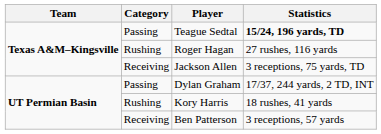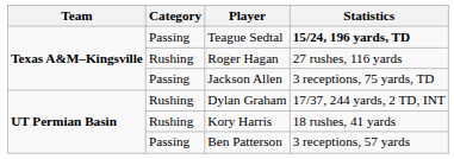 <table class="wikitable" style="float: right;">
 <tr>
 <th>Team</th>
 <th>Category</th>
 <th>Player</th>
 <th>Statistics</th>
 </tr>
 <tr>
 <td rowspan=3><strong>Texas A&M–Kingsville</strong></td>
 <td>Passing</td>
 <td>Teague Sedtal</td>
 <td><strong>15/24, 196 yards, TD</strong></td>
 </tr>
 <tr>
 <td>Rushing</td>
 <td>Roger Hagan</td>
 <td>27 rushes, 116 yards</td>
 </tr>
 <tr>
-<td>Receiving</td>
+<td>Passing</td>
 <td>Jackson Allen</td>
 <td>3 receptions, 75 yards, TD</td>
 </tr>
 <tr>
 <td rowspan=3><strong>UT Permian Basin</strong></td>
-<td>Passing</td>
+<td>Rushing</td>
 <td>Dylan Graham</td>
 <td>17/37, 244 yards, 2 TD, INT</td>
 </tr>
 <tr>
 <td>Rushing</td>
 <td>Kory Harris</td>
 <td>18 rushes, 41 yards</td>
 </tr>
 <tr>
-<td>Receiving</td>
+<td>Passing</td>
 <td>Ben Patterson</td>
 <td>3 receptions, 57 yards</td>
 </tr>
 </table>
